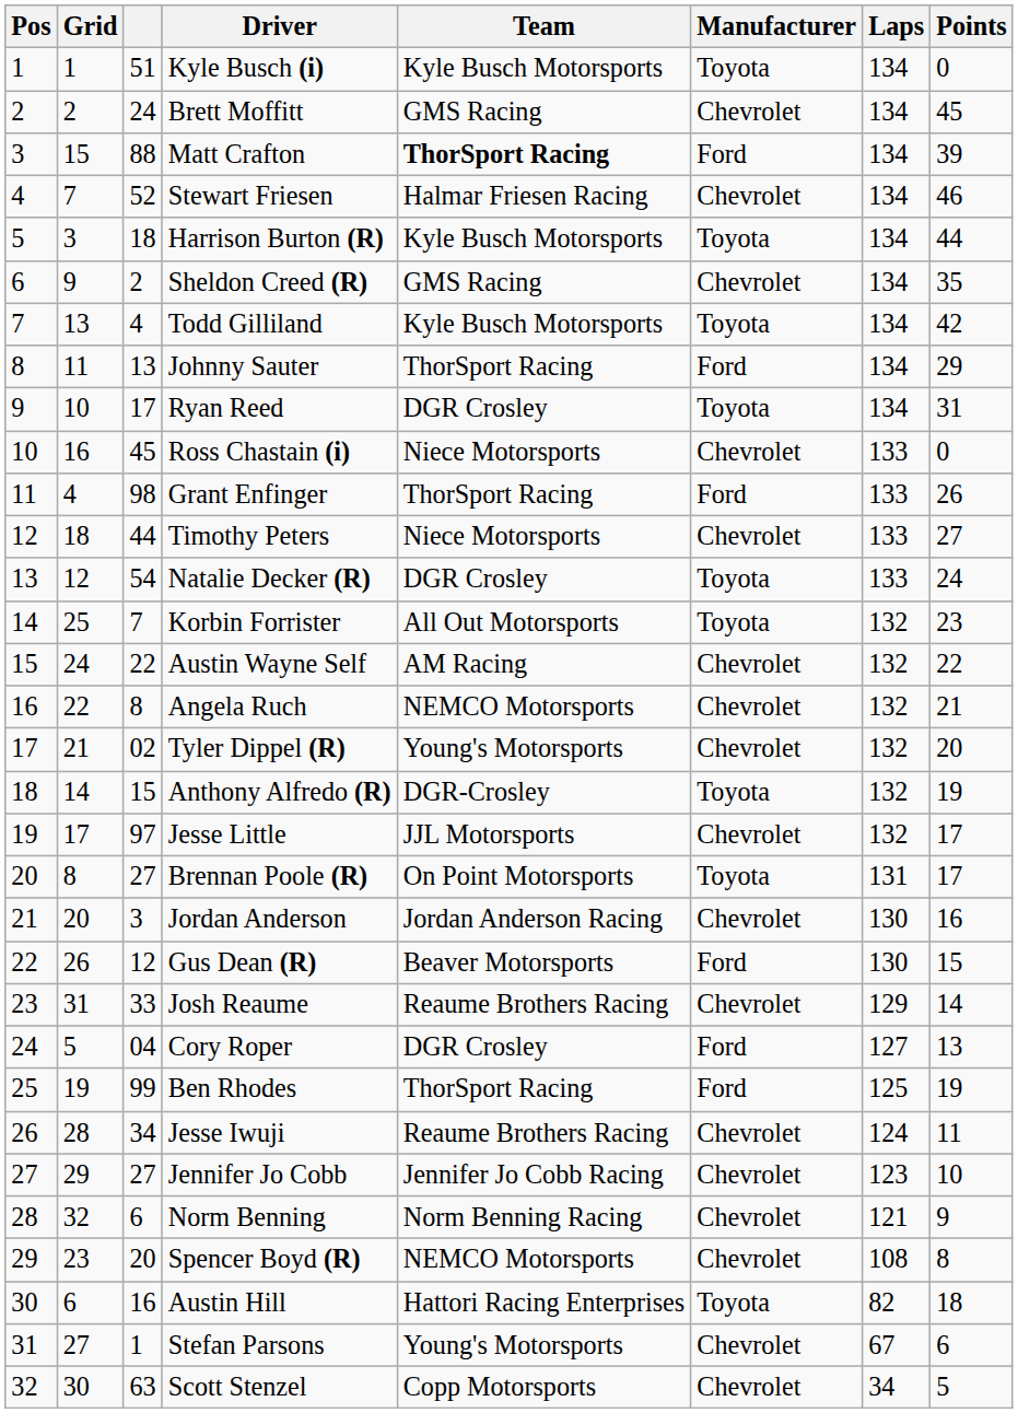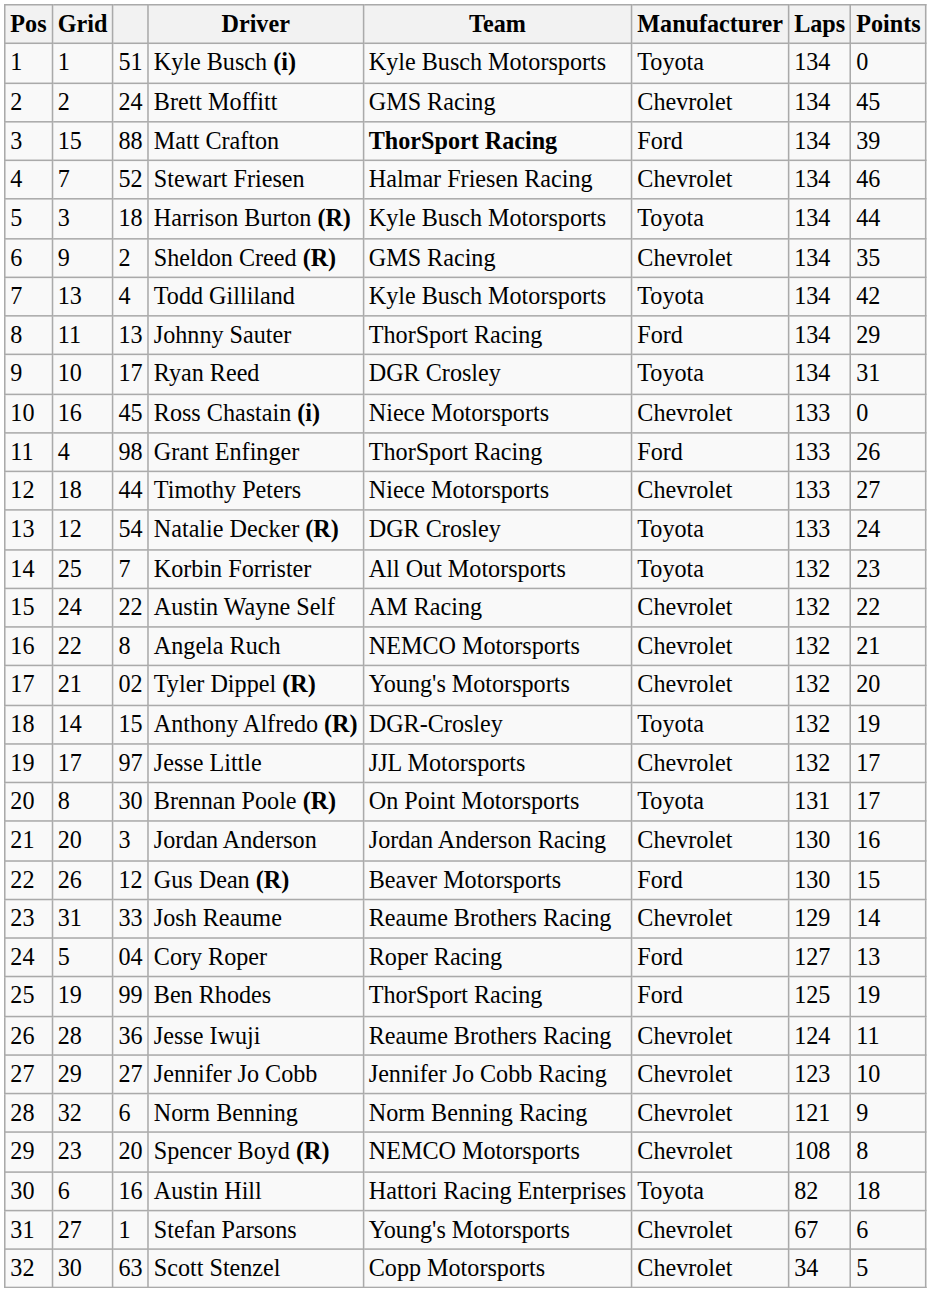 <table class="wikitable" style="font-size:98%">
 <tr>
 <th>Pos</th>
 <th>Grid</th>
 <th></th>
 <th>Driver</th>
 <th>Team</th>
 <th>Manufacturer</th>
 <th>Laps</th>
 <th>Points</th>
 </tr>
 <tr>
 <td>1</td>
 <td>1</td>
 <td>51</td>
 <td>Kyle Busch <strong>(i)</strong></td>
 <td>Kyle Busch Motorsports</td>
 <td>Toyota</td>
 <td>134</td>
 <td>0</td>
 </tr>
 <tr>
 <td>2</td>
 <td>2</td>
 <td>24</td>
 <td>Brett Moffitt</td>
 <td>GMS Racing</td>
 <td>Chevrolet</td>
 <td>134</td>
 <td>45</td>
 </tr>
 <tr>
 <td>3</td>
 <td>15</td>
 <td>88</td>
 <td>Matt Crafton</td>
 <td><strong>ThorSport Racing</strong></td>
 <td>Ford</td>
 <td>134</td>
 <td>39</td>
 </tr>
 <tr>
 <td>4</td>
 <td>7</td>
 <td>52</td>
 <td>Stewart Friesen</td>
 <td>Halmar Friesen Racing</td>
 <td>Chevrolet</td>
 <td>134</td>
 <td>46</td>
 </tr>
 <tr>
 <td>5</td>
 <td>3</td>
 <td>18</td>
 <td>Harrison Burton <strong>(R)</strong></td>
 <td>Kyle Busch Motorsports</td>
 <td>Toyota</td>
 <td>134</td>
 <td>44</td>
 </tr>
 <tr>
 <td>6</td>
 <td>9</td>
 <td>2</td>
 <td>Sheldon Creed <strong>(R)</strong></td>
 <td>GMS Racing</td>
 <td>Chevrolet</td>
 <td>134</td>
 <td>35</td>
 </tr>
 <tr>
 <td>7</td>
 <td>13</td>
 <td>4</td>
 <td>Todd Gilliland</td>
 <td>Kyle Busch Motorsports</td>
 <td>Toyota</td>
 <td>134</td>
 <td>42</td>
 </tr>
 <tr>
 <td>8</td>
 <td>11</td>
 <td>13</td>
 <td>Johnny Sauter</td>
 <td>ThorSport Racing</td>
 <td>Ford</td>
 <td>134</td>
 <td>29</td>
 </tr>
 <tr>
 <td>9</td>
 <td>10</td>
 <td>17</td>
 <td>Ryan Reed</td>
 <td>DGR Crosley</td>
 <td>Toyota</td>
 <td>134</td>
 <td>31</td>
 </tr>
 <tr>
 <td>10</td>
 <td>16</td>
 <td>45</td>
 <td>Ross Chastain <strong>(i)</strong></td>
 <td>Niece Motorsports</td>
 <td>Chevrolet</td>
 <td>133</td>
 <td>0</td>
 </tr>
 <tr>
 <td>11</td>
 <td>4</td>
 <td>98</td>
 <td>Grant Enfinger</td>
 <td>ThorSport Racing</td>
 <td>Ford</td>
 <td>133</td>
 <td>26</td>
 </tr>
 <tr>
 <td>12</td>
 <td>18</td>
 <td>44</td>
 <td>Timothy Peters</td>
 <td>Niece Motorsports</td>
 <td>Chevrolet</td>
 <td>133</td>
 <td>27</td>
 </tr>
 <tr>
 <td>13</td>
 <td>12</td>
 <td>54</td>
 <td>Natalie Decker <strong>(R)</strong></td>
 <td>DGR Crosley</td>
 <td>Toyota</td>
 <td>133</td>
 <td>24</td>
 </tr>
 <tr>
 <td>14</td>
 <td>25</td>
 <td>7</td>
 <td>Korbin Forrister</td>
 <td>All Out Motorsports</td>
 <td>Toyota</td>
 <td>132</td>
 <td>23</td>
 </tr>
 <tr>
 <td>15</td>
 <td>24</td>
 <td>22</td>
 <td>Austin Wayne Self</td>
 <td>AM Racing</td>
 <td>Chevrolet</td>
 <td>132</td>
 <td>22</td>
 </tr>
 <tr>
 <td>16</td>
 <td>22</td>
 <td>8</td>
 <td>Angela Ruch</td>
 <td>NEMCO Motorsports</td>
 <td>Chevrolet</td>
 <td>132</td>
 <td>21</td>
 </tr>
 <tr>
 <td>17</td>
 <td>21</td>
 <td>02</td>
 <td>Tyler Dippel <strong>(R)</strong></td>
 <td>Young's Motorsports</td>
 <td>Chevrolet</td>
 <td>132</td>
 <td>20</td>
 </tr>
 <tr>
 <td>18</td>
 <td>14</td>
 <td>15</td>
 <td>Anthony Alfredo <strong>(R)</strong></td>
 <td>DGR-Crosley</td>
 <td>Toyota</td>
 <td>132</td>
 <td>19</td>
 </tr>
 <tr>
 <td>19</td>
 <td>17</td>
 <td>97</td>
 <td>Jesse Little</td>
 <td>JJL Motorsports</td>
 <td>Chevrolet</td>
 <td>132</td>
 <td>17</td>
 </tr>
 <tr>
 <td>20</td>
 <td>8</td>
-<td>27</td>
+<td>30</td>
 <td>Brennan Poole <strong>(R)</strong></td>
 <td>On Point Motorsports</td>
 <td>Toyota</td>
 <td>131</td>
 <td>17</td>
 </tr>
 <tr>
 <td>21</td>
 <td>20</td>
 <td>3</td>
 <td>Jordan Anderson</td>
 <td>Jordan Anderson Racing</td>
 <td>Chevrolet</td>
 <td>130</td>
 <td>16</td>
 </tr>
 <tr>
 <td>22</td>
 <td>26</td>
 <td>12</td>
 <td>Gus Dean <strong>(R)</strong></td>
 <td>Beaver Motorsports</td>
 <td>Ford</td>
 <td>130</td>
 <td>15</td>
 </tr>
 <tr>
 <td>23</td>
 <td>31</td>
 <td>33</td>
 <td>Josh Reaume</td>
 <td>Reaume Brothers Racing</td>
 <td>Chevrolet</td>
 <td>129</td>
 <td>14</td>
 </tr>
 <tr>
 <td>24</td>
 <td>5</td>
 <td>04</td>
 <td>Cory Roper</td>
-<td>DGR Crosley</td>
+<td>Roper Racing</td>
 <td>Ford</td>
 <td>127</td>
 <td>13</td>
 </tr>
 <tr>
 <td>25</td>
 <td>19</td>
 <td>99</td>
 <td>Ben Rhodes</td>
 <td>ThorSport Racing</td>
 <td>Ford</td>
 <td>125</td>
 <td>19</td>
 </tr>
 <tr>
 <td>26</td>
 <td>28</td>
-<td>34</td>
+<td>36</td>
 <td>Jesse Iwuji</td>
 <td>Reaume Brothers Racing</td>
 <td>Chevrolet</td>
 <td>124</td>
 <td>11</td>
 </tr>
 <tr>
 <td>27</td>
 <td>29</td>
 <td>27</td>
 <td>Jennifer Jo Cobb</td>
 <td>Jennifer Jo Cobb Racing</td>
 <td>Chevrolet</td>
 <td>123</td>
 <td>10</td>
 </tr>
 <tr>
 <td>28</td>
 <td>32</td>
 <td>6</td>
 <td>Norm Benning</td>
 <td>Norm Benning Racing</td>
 <td>Chevrolet</td>
 <td>121</td>
 <td>9</td>
 </tr>
 <tr>
 <td>29</td>
 <td>23</td>
 <td>20</td>
 <td>Spencer Boyd <strong>(R)</strong></td>
 <td>NEMCO Motorsports</td>
 <td>Chevrolet</td>
 <td>108</td>
 <td>8</td>
 </tr>
 <tr>
 <td>30</td>
 <td>6</td>
 <td>16</td>
 <td>Austin Hill</td>
 <td>Hattori Racing Enterprises</td>
 <td>Toyota</td>
 <td>82</td>
 <td>18</td>
 </tr>
 <tr>
 <td>31</td>
 <td>27</td>
 <td>1</td>
 <td>Stefan Parsons</td>
 <td>Young's Motorsports</td>
 <td>Chevrolet</td>
 <td>67</td>
 <td>6</td>
 </tr>
 <tr>
 <td>32</td>
 <td>30</td>
 <td>63</td>
 <td>Scott Stenzel</td>
 <td>Copp Motorsports</td>
 <td>Chevrolet</td>
 <td>34</td>
 <td>5</td>
 </tr>
 <tr>
 </tr>
 </table>
